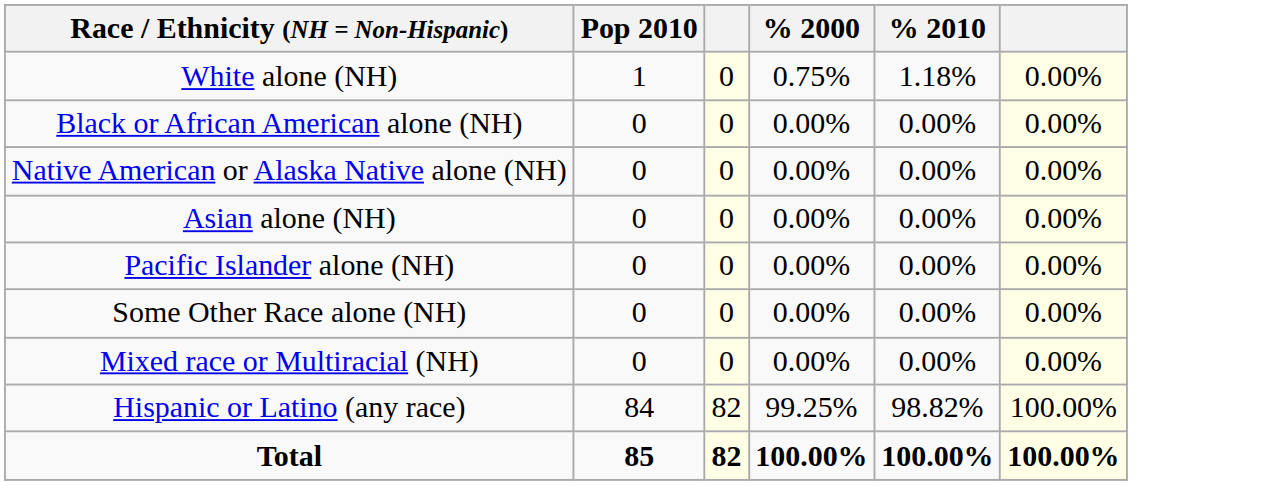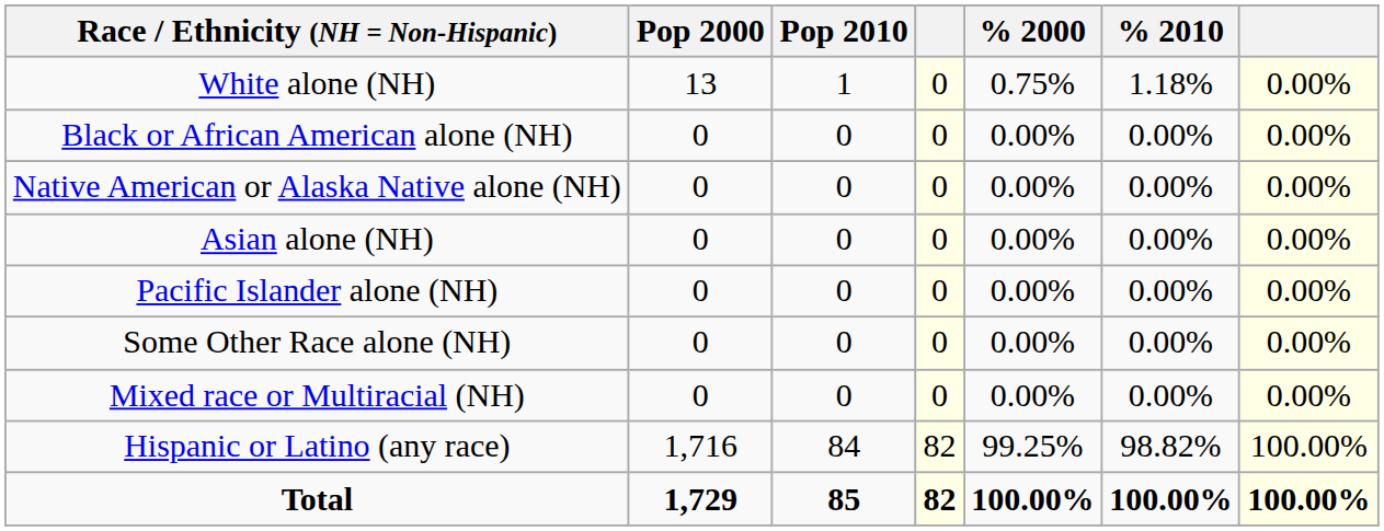 <table class="wikitable" style="text-align:center;">
 <tr>
 <th>Race / Ethnicity <small>(<em>NH = Non-Hispanic</em>)</small></th>
+<th>Pop 2000</th>
 <th>Pop 2010</th>
 <th></th>
 <th>% 2000</th>
 <th>% 2010</th>
 <th></th>
 </tr>
 <tr>
 <td><a href='#'>White</a> alone (NH)</td>
+<td>13</td>
 <td>1</td>
 <td style='background: #ffffe6;'>0</td>
 <td>0.75%</td>
 <td>1.18%</td>
 <td style='background: #ffffe6;'>0.00%</td>
 </tr>
 <tr>
 <td><a href='#'>Black or African American</a> alone (NH)</td>
 <td>0</td>
+<td>0</td>
 <td style='background: #ffffe6;'>0</td>
 <td>0.00%</td>
 <td>0.00%</td>
 <td style='background: #ffffe6;'>0.00%</td>
 </tr>
 <tr>
 <td><a href='#'>Native American</a> or <a href='#'>Alaska Native</a> alone (NH)</td>
+<td>0</td>
 <td>0</td>
 <td style='background: #ffffe6;'>0</td>
 <td>0.00%</td>
 <td>0.00%</td>
 <td style='background: #ffffe6;'>0.00%</td>
 </tr>
 <tr>
 <td><a href='#'>Asian</a> alone (NH)</td>
 <td>0</td>
+<td>0</td>
 <td style='background: #ffffe6;'>0</td>
 <td>0.00%</td>
 <td>0.00%</td>
 <td style='background: #ffffe6;'>0.00%</td>
 </tr>
 <tr>
 <td><a href='#'>Pacific Islander</a> alone (NH)</td>
+<td>0</td>
 <td>0</td>
 <td style='background: #ffffe6;'>0</td>
 <td>0.00%</td>
 <td>0.00%</td>
 <td style='background: #ffffe6;'>0.00%</td>
 </tr>
 <tr>
 <td>Some Other Race alone (NH)</td>
 <td>0</td>
+<td>0</td>
 <td style='background: #ffffe6;'>0</td>
 <td>0.00%</td>
 <td>0.00%</td>
 <td style='background: #ffffe6;'>0.00%</td>
 </tr>
 <tr>
 <td><a href='#'>Mixed race or Multiracial</a> (NH)</td>
 <td>0</td>
+<td>0</td>
 <td style='background: #ffffe6;'>0</td>
 <td>0.00%</td>
 <td>0.00%</td>
 <td style='background: #ffffe6;'>0.00%</td>
 </tr>
 <tr>
 <td><a href='#'>Hispanic or Latino</a> (any race)</td>
+<td>1,716</td>
 <td>84</td>
 <td style='background: #ffffe6;'>82</td>
 <td>99.25%</td>
 <td>98.82%</td>
 <td style='background: #ffffe6;'>100.00%</td>
 </tr>
 <tr>
 <td><strong>Total</strong></td>
+<td><strong>1,729</strong></td>
 <td><strong>85</strong></td>
 <td style='background: #ffffe6;'><strong>82</strong></td>
 <td><strong>100.00%</strong></td>
 <td><strong>100.00%</strong></td>
 <td style='background: #ffffe6;'><strong>100.00%</strong></td>
 </tr>
 </table>
